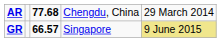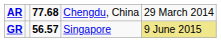 <table class="wikitable" style="font-size:95%; position:relative;">
 <tr>
 <td align=center><strong><a href='#'>AR</a></strong></td>
 <td></td>
 <td><strong>77.68</strong></td>
 <td><a href='#'>Chengdu</a>, China</td>
 <td>29 March 2014</td>
 </tr>
 <tr>
 <td align=center><strong><a href='#'>GR</a></strong></td>
 <td></td>
-<td><strong>66.57</strong></td>
+<td><strong>56.57</strong></td>
 <td><a href='#'>Singapore</a></td>
 <td style="background: khaki;">9 June 2015</td>
 </tr>
 </table>
